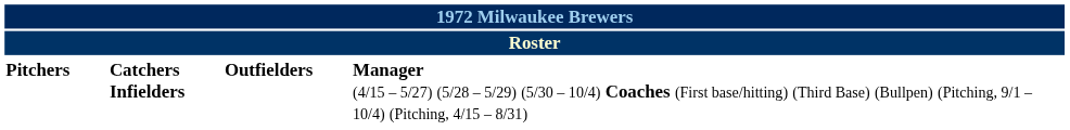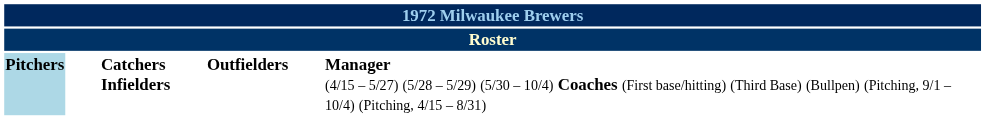 <table class="toccolours" style="font-size: 95%;">
 <tr>
 <th colspan="10" style="background-color: #00285D; color: #9ECEEE; text-align: center;">1972 Milwaukee Brewers</th>
 </tr>
 <tr>
 <td colspan="10" style="background-color: #003366; color: #FFFDD0; text-align: center;"><strong>Roster</strong></td>
 </tr>
 <tr>
-<td valign="top"><strong>Pitchers</strong><br>             </td>
+<td valign="top" style="background: lightblue;"><strong>Pitchers</strong><br>             </td>
 <td width="25px"></td>
 <td valign="top"><strong>Catchers</strong><br>     <strong>Infielders</strong>       </td>
 <td width="25px"></td>
 <td valign="top"><strong>Outfielders</strong><br>        </td>
 <td width="25px"></td>
 <td valign="top"><strong>Manager</strong><br> <small>(4/15 – 5/27)</small>  <small>(5/28 – 5/29)</small>  <small>(5/30 – 10/4)</small> <strong>Coaches</strong>  <small>(First base/hitting)</small>  <small>(Third Base)</small>  <small>(Bullpen)</small>  <small>(Pitching, 9/1 – 10/4)</small>  <small>(Pitching, 4/15 – 8/31)</small></td>
 </tr>
 <tr>
 </tr>
 </table>
